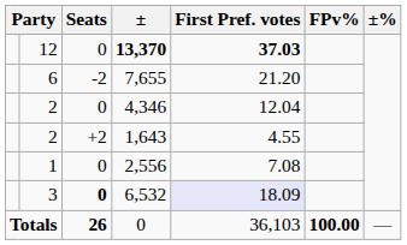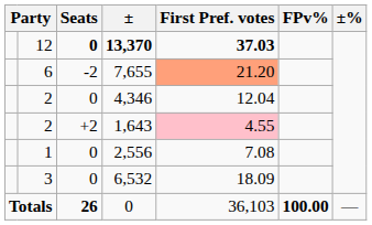 <table class=wikitable>
 <tr>
 <th colspan=2 align=center>Party</th>
 <th valign=top>Seats</th>
 <th valign=top>±</th>
 <th valign=top>First Pref. votes</th>
 <th valign=top>FPv%</th>
 <th valign=top>±%</th>
 </tr>
 <tr>
 <td></td>
 <td align=right>12</td>
-<td align=right>0</td>
+<td align=right><strong>0</strong></td>
 <td align=right><strong>13,370</strong></td>
 <td align=right><strong>37.03</strong></td>
 <td align=right></td>
 </tr>
 <tr>
 <td></td>
 <td align=right>6</td>
 <td align=right>-2</td>
 <td align=right>7,655</td>
-<td align=right>21.20</td>
+<td align=right style="background: lightsalmon;">21.20</td>
 <td align=right></td>
 </tr>
 <tr>
 <td></td>
 <td align=right>2</td>
 <td align=right>0</td>
 <td align=right>4,346</td>
 <td align=right>12.04</td>
 <td align=right></td>
 </tr>
 <tr>
 <td></td>
 <td align=right>2</td>
 <td align=right>+2</td>
 <td align=right>1,643</td>
-<td align=right>4.55</td>
+<td align=right style="background: pink;">4.55</td>
 <td align=right></td>
 </tr>
 <tr>
 <td></td>
 <td align=right>1</td>
 <td align=right>0</td>
 <td align=right>2,556</td>
 <td align=right>7.08</td>
 <td align=right></td>
 </tr>
 <tr>
 <td></td>
 <td align=right>3</td>
-<td align=right><strong>0</strong></td>
+<td align=right>0</td>
 <td align=right>6,532</td>
-<td align=right style="background: lavender;">18.09</td>
+<td align=right>18.09</td>
 <td align=right></td>
 </tr>
 <tr>
 <td colspan=2 align=center><strong>Totals</strong></td>
 <td align=right><strong>26</strong></td>
 <td align=center>0</td>
 <td align=right>36,103</td>
 <td align=center><strong>100.00</strong></td>
 <td align=center>—</td>
 </tr>
 </table>
